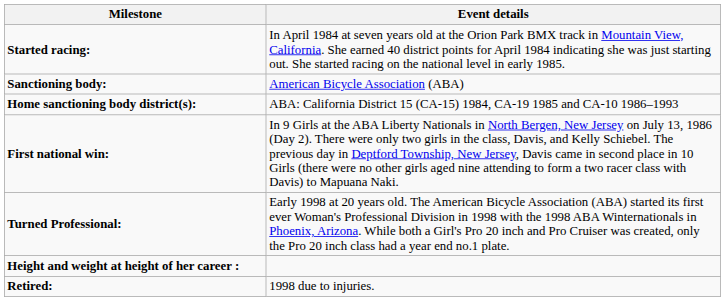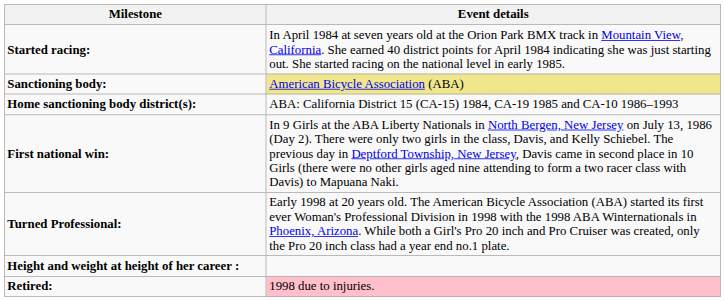 <table class="sortable wikitable">
 <tr>
 <th style="width:20em">Milestone</th>
 <th style="width:35em">Event details</th>
 </tr>
 <tr>
 <td><strong>Started racing:</strong></td>
 <td>In April 1984 at seven years old at the Orion Park BMX track in <a href='#'>Mountain View, California</a>. She earned 40 district points for April 1984 indicating she was just starting out. She started racing on the national level in early 1985.</td>
 </tr>
 <tr>
 <td><strong>Sanctioning body:</strong></td>
-<td><a href='#'>American Bicycle Association</a> (ABA)</td>
+<td style="background: khaki;"><a href='#'>American Bicycle Association</a> (ABA)</td>
 </tr>
 <tr>
 <td><strong>Home sanctioning body district(s):</strong></td>
 <td>ABA: California District 15 (CA-15) 1984, CA-19 1985 and CA-10 1986–1993 </td>
 </tr>
 <tr>
 <td><strong>First national win:</strong></td>
 <td>In 9 Girls at the ABA Liberty Nationals in <a href='#'>North Bergen, New Jersey</a> on July 13, 1986 (Day 2). There were only two girls in the class, Davis, and Kelly Schiebel. The previous day in <a href='#'>Deptford Township, New Jersey</a>, Davis came in second place in 10 Girls (there were no other girls aged nine attending to form a two racer class with Davis) to Mapuana Naki. </td>
 </tr>
 <tr>
 <td><strong>Turned Professional:</strong></td>
 <td>Early 1998 at 20 years old. The American Bicycle Association (ABA) started its first ever Woman's Professional Division in 1998 with the 1998 ABA Winternationals in <a href='#'>Phoenix, Arizona</a>. While both a Girl's Pro 20 inch and Pro Cruiser was created, only the Pro 20 inch class had a year end no.1 plate.    </td>
 </tr>
 <tr>
 <td><strong>Height and weight at height of her career :</strong></td>
 <td></td>
 </tr>
 <tr>
 <td><strong>Retired:</strong></td>
-<td>1998 due to injuries.</td>
+<td style="background: pink;">1998 due to injuries.</td>
 </tr>
 </table>
